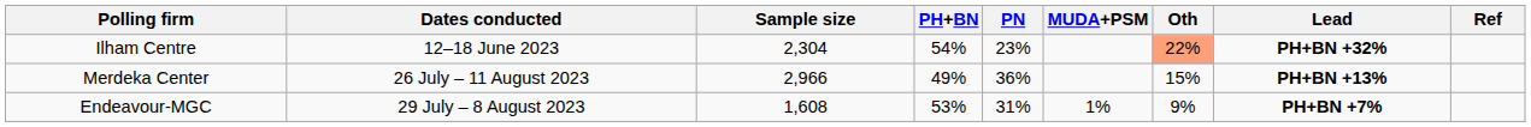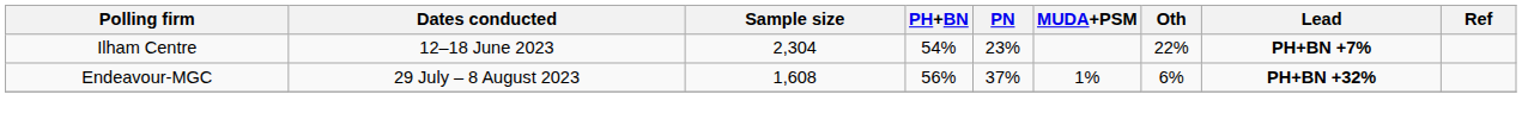 <table class="wikitable unsortable" style="text-align:center;font-size:90%;line-height:1.2">
 <tr>
 <th>Polling firm</th>
 <th>Dates conducted</th>
 <th>Sample size</th>
 <th style="width:4%; "><a href='#'>PH</a>+<a href='#'>BN</a></th>
 <th style="width:4%; "><a href='#'>PN</a></th>
 <th style="width:4%; "><a href='#'>MUDA</a>+PSM</th>
 <th style="width:4%; ">Oth</th>
 <th>Lead</th>
 <th>Ref</th>
 </tr>
 <tr>
 <td>Ilham Centre</td>
 <td>12–18 June 2023</td>
 <td>2,304</td>
 <td>54%</td>
 <td>23%</td>
 <td></td>
-<td style="background: lightsalmon;">22%</td>
-<td><strong>PH+BN +32%</strong></td>
-<td></td>
-</tr>
-<tr>
-<td>Merdeka Center</td>
-<td>26 July – 11 August 2023</td>
-<td>2,966</td>
-<td>49%</td>
-<td>36%</td>
-<td></td>
-<td>15%</td>
-<td><strong>PH+BN +13%</strong></td>
+<td>22%</td>
+<td><strong>PH+BN +7%</strong></td>
 <td></td>
 </tr>
 <tr>
 <td>Endeavour-MGC</td>
 <td>29 July – 8 August 2023</td>
 <td>1,608</td>
-<td>53%</td>
-<td>31%</td>
+<td>56%</td>
+<td>37%</td>
 <td>1%</td>
-<td>9%</td>
-<td><strong>PH+BN +7%</strong></td>
+<td>6%</td>
+<td><strong>PH+BN +32%</strong></td>
 <td></td>
 </tr>
 <tr>
 </tr>
 </table>
